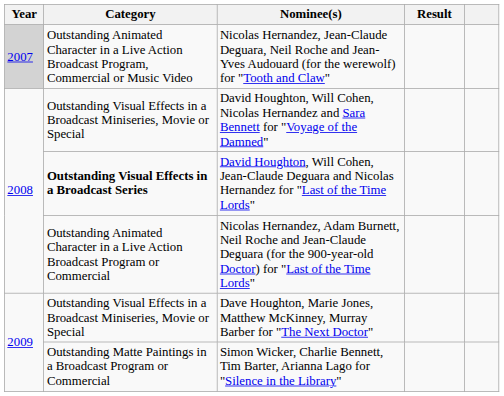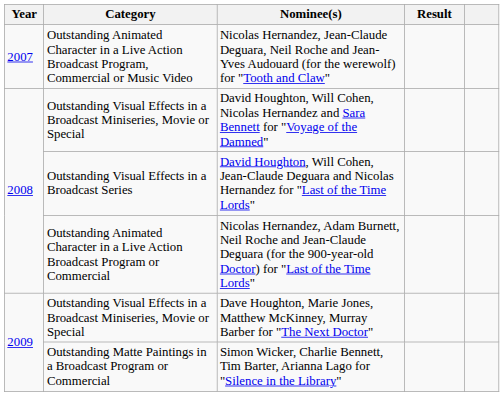 <table class="wikitable" style="width:70%">
 <tr>
 <th style="width:8%">Year</th>
 <th style="width:35%">Category</th>
 <th style="width:38%">Nominee(s)</th>
 <th style="width:12%">Result</th>
 <th style="width:7%"></th>
 </tr>
 <tr>
-<td style="background: lightgrey;"><a href='#'>2007</a></td>
+<td><a href='#'>2007</a></td>
 <td>Outstanding Animated Character in a Live Action Broadcast Program, Commercial or Music Video</td>
 <td>Nicolas Hernandez, Jean-Claude Deguara, Neil Roche and Jean-Yves Audouard (for the werewolf) for "<a href='#'>Tooth and Claw</a>"</td>
 <td></td>
 <td></td>
 </tr>
 <tr>
 <td rowspan="3"><a href='#'>2008</a></td>
 <td>Outstanding Visual Effects in a Broadcast Miniseries, Movie or Special</td>
 <td>David Houghton, Will Cohen, Nicolas Hernandez and <a href='#'>Sara Bennett</a> for "<a href='#'>Voyage of the Damned</a>"</td>
 <td></td>
 <td></td>
 </tr>
 <tr>
-<td><strong>Outstanding Visual Effects in a Broadcast Series</strong></td>
+<td>Outstanding Visual Effects in a Broadcast Series</td>
 <td><a href='#'>David Houghton</a>, Will Cohen, Jean-Claude Deguara and Nicolas Hernandez for "<a href='#'>Last of the Time Lords</a>"</td>
 <td></td>
 <td></td>
 </tr>
 <tr>
 <td>Outstanding Animated Character in a Live Action Broadcast Program or Commercial</td>
 <td>Nicolas Hernandez, Adam Burnett, Neil Roche and Jean-Claude Deguara (for the 900-year-old <a href='#'>Doctor</a>) for "<a href='#'>Last of the Time Lords</a>"</td>
 <td></td>
 <td></td>
 </tr>
 <tr>
 <td rowspan="2"><a href='#'>2009</a></td>
 <td>Outstanding Visual Effects in a Broadcast Miniseries, Movie or Special</td>
 <td>Dave Houghton, Marie Jones, Matthew McKinney, Murray Barber for "<a href='#'>The Next Doctor</a>"</td>
 <td></td>
 <td></td>
 </tr>
 <tr>
 <td>Outstanding Matte Paintings in a Broadcast Program or Commercial</td>
 <td>Simon Wicker, Charlie Bennett, Tim Barter, Arianna Lago for "<a href='#'>Silence in the Library</a>"</td>
 <td></td>
 <td></td>
 </tr>
 </table>
